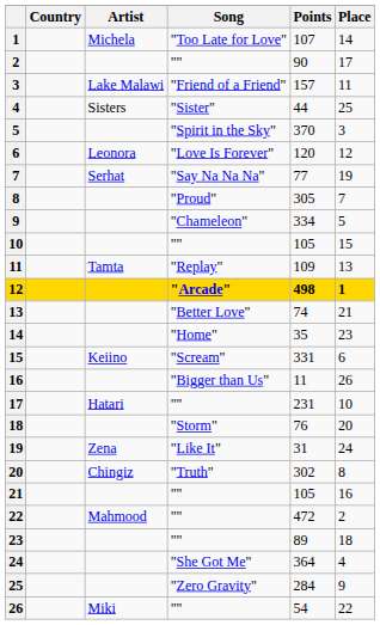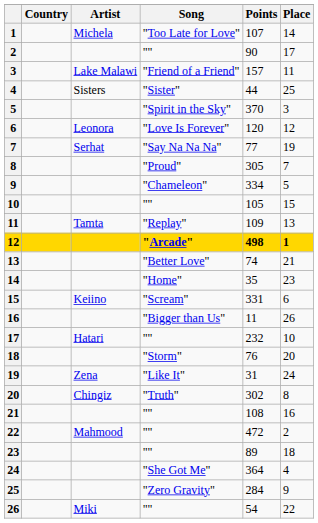 <table class="sortable wikitable plainrowheaders">
 <tr>
 </tr>
 <tr>
 <th scope="col"></th>
 <th scope="col">Country</th>
 <th scope="col">Artist</th>
 <th scope="col">Song</th>
 <th scope="col">Points</th>
 <th scope="col">Place</th>
 </tr>
 <tr>
 <th scope="row" style="text-align:center;">1</th>
 <td></td>
 <td><a href='#'>Michela</a></td>
 <td>"<a href='#'>Too Late for Love</a>"</td>
 <td>107</td>
 <td>14</td>
 </tr>
 <tr>
 <th scope="row" style="text-align:center;">2</th>
 <td></td>
 <td></td>
 <td>""</td>
 <td>90</td>
 <td>17</td>
 </tr>
 <tr>
 <th scope="row" style="text-align:center;">3</th>
 <td></td>
 <td><a href='#'>Lake Malawi</a></td>
 <td>"<a href='#'>Friend of a Friend</a>"</td>
 <td>157</td>
 <td>11</td>
 </tr>
 <tr>
 <th scope="row" style="text-align:center;">4</th>
 <td></td>
 <td data-sort-value="Sisters">Sisters</td>
 <td>"<a href='#'>Sister</a>"</td>
 <td>44</td>
 <td>25</td>
 </tr>
 <tr>
 <th scope="row" style="text-align:center;">5</th>
 <td></td>
 <td></td>
 <td>"<a href='#'>Spirit in the Sky</a>"</td>
 <td>370</td>
 <td>3</td>
 </tr>
 <tr>
 <th scope="row" style="text-align:center;">6</th>
 <td></td>
 <td><a href='#'>Leonora</a></td>
 <td>"<a href='#'>Love Is Forever</a>"</td>
 <td>120</td>
 <td>12</td>
 </tr>
 <tr>
 <th scope="row" style="text-align:center;">7</th>
 <td></td>
 <td><a href='#'>Serhat</a></td>
 <td>"<a href='#'>Say Na Na Na</a>"</td>
 <td>77</td>
 <td>19</td>
 </tr>
 <tr>
 <th scope="row" style="text-align:center;">8</th>
 <td></td>
 <td></td>
 <td>"<a href='#'>Proud</a>"</td>
 <td>305</td>
 <td>7</td>
 </tr>
 <tr>
 <th scope="row" style="text-align:center;">9</th>
 <td></td>
 <td></td>
 <td>"<a href='#'>Chameleon</a>"</td>
 <td>334</td>
 <td>5</td>
 </tr>
 <tr>
 <th scope="row" style="text-align:center;">10</th>
 <td></td>
 <td></td>
 <td>""</td>
 <td>105</td>
 <td>15</td>
 </tr>
 <tr>
 <th scope="row" style="text-align:center;">11</th>
 <td></td>
 <td><a href='#'>Tamta</a></td>
 <td>"<a href='#'>Replay</a>"</td>
 <td>109</td>
 <td>13</td>
 </tr>
 <tr style="font-weight:bold; background:gold;">
 <th scope="row" style="text-align:center; font-weight:bold; background:gold;">12</th>
 <td></td>
 <td></td>
 <td>"<a href='#'>Arcade</a>"</td>
 <td>498</td>
 <td>1</td>
 </tr>
 <tr>
 <th scope="row" style="text-align:center;">13</th>
 <td></td>
 <td></td>
 <td>"<a href='#'>Better Love</a>"</td>
 <td>74</td>
 <td>21</td>
 </tr>
 <tr>
 <th scope="row" style="text-align:center;">14</th>
 <td></td>
 <td></td>
 <td>"<a href='#'>Home</a>"</td>
 <td>35</td>
 <td>23</td>
 </tr>
 <tr>
 <th scope="row" style="text-align:center;">15</th>
 <td></td>
 <td><a href='#'>Keiino</a></td>
 <td>"<a href='#'>Scream</a>"</td>
 <td>331</td>
 <td>6</td>
 </tr>
 <tr>
 <th scope="row" style="text-align:center;">16</th>
 <td></td>
 <td></td>
 <td>"<a href='#'>Bigger than Us</a>"</td>
 <td>11</td>
 <td>26</td>
 </tr>
 <tr>
 <th scope="row" style="text-align:center;">17</th>
 <td></td>
 <td><a href='#'>Hatari</a></td>
 <td>""</td>
-<td>231</td>
+<td>232</td>
 <td>10</td>
 </tr>
 <tr>
 <th scope="row" style="text-align:center;">18</th>
 <td></td>
 <td></td>
 <td>"<a href='#'>Storm</a>"</td>
 <td>76</td>
 <td>20</td>
 </tr>
 <tr>
 <th scope="row" style="text-align:center;">19</th>
 <td></td>
 <td><a href='#'>Zena</a></td>
 <td>"<a href='#'>Like It</a>"</td>
 <td>31</td>
 <td>24</td>
 </tr>
 <tr>
 <th scope="row" style="text-align:center;">20</th>
 <td></td>
 <td><a href='#'>Chingiz</a></td>
 <td>"<a href='#'>Truth</a>"</td>
 <td>302</td>
 <td>8</td>
 </tr>
 <tr>
 <th scope="row" style="text-align:center;">21</th>
 <td></td>
 <td></td>
 <td>""</td>
-<td>105</td>
+<td>108</td>
 <td>16</td>
 </tr>
 <tr>
 <th scope="row" style="text-align:center;">22</th>
 <td></td>
 <td><a href='#'>Mahmood</a></td>
 <td>""</td>
 <td>472</td>
 <td>2</td>
 </tr>
 <tr>
 <th scope="row" style="text-align:center;">23</th>
 <td></td>
 <td></td>
 <td>""</td>
 <td>89</td>
 <td>18</td>
 </tr>
 <tr>
 <th scope="row" style="text-align:center;">24</th>
 <td></td>
 <td></td>
 <td>"<a href='#'>She Got Me</a>"</td>
 <td>364</td>
 <td>4</td>
 </tr>
 <tr>
 <th scope="row" style="text-align:center;">25</th>
 <td></td>
 <td></td>
 <td>"<a href='#'>Zero Gravity</a>"</td>
 <td>284</td>
 <td>9</td>
 </tr>
 <tr>
 <th scope="row" style="text-align:center;">26</th>
 <td></td>
 <td><a href='#'>Miki</a></td>
 <td>""</td>
 <td>54</td>
 <td>22</td>
 </tr>
 </table>
